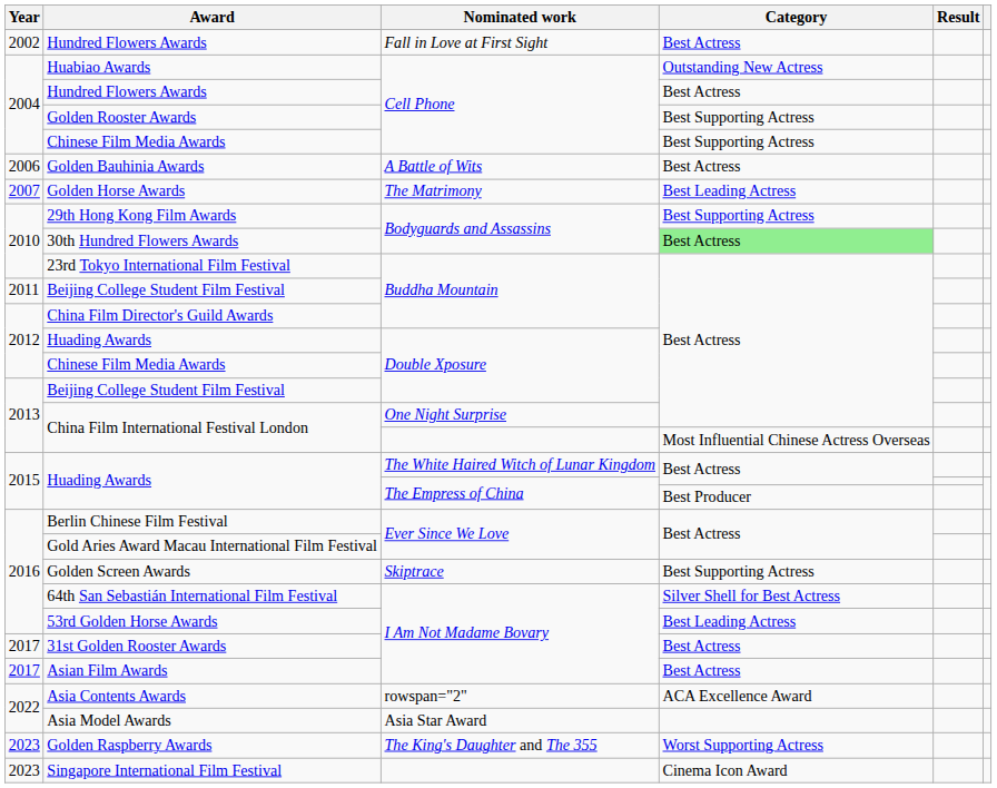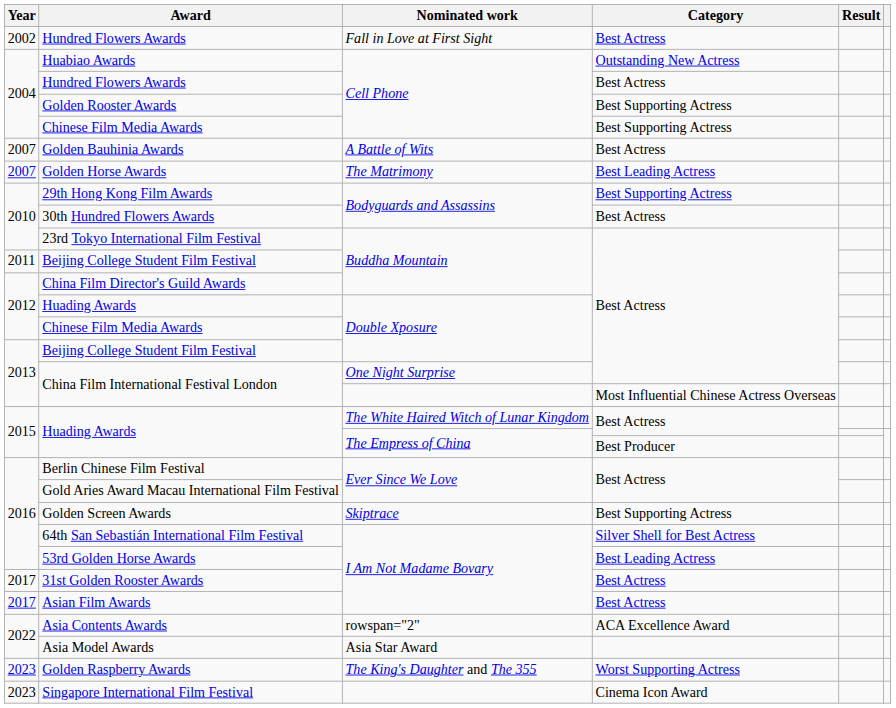 <table class="wikitable sortable">
 <tr>
 <th>Year</th>
 <th>Award</th>
 <th>Nominated work</th>
 <th>Category</th>
 <th>Result</th>
 <th class="unsortable"></th>
 </tr>
 <tr>
 <td>2002</td>
 <td><a href='#'>Hundred Flowers Awards</a></td>
 <td><em>Fall in Love at First Sight</em></td>
 <td><a href='#'>Best Actress</a></td>
 <td></td>
 <td></td>
 </tr>
 <tr>
 <td rowspan=4>2004</td>
 <td><a href='#'>Huabiao Awards</a></td>
 <td rowspan=4><em><a href='#'>Cell Phone</a></em></td>
 <td><a href='#'>Outstanding New Actress</a></td>
 <td></td>
 <td></td>
 </tr>
 <tr>
 <td><a href='#'>Hundred Flowers Awards</a></td>
 <td>Best Actress</td>
 <td></td>
 <td></td>
 </tr>
 <tr>
 <td><a href='#'>Golden Rooster Awards</a></td>
 <td>Best Supporting Actress</td>
 <td></td>
 <td></td>
 </tr>
 <tr>
 <td><a href='#'>Chinese Film Media Awards</a></td>
 <td>Best Supporting Actress</td>
 <td></td>
 <td></td>
 </tr>
 <tr>
-<td>2006</td>
+<td>2007</td>
 <td><a href='#'>Golden Bauhinia Awards</a></td>
 <td><em><a href='#'>A Battle of Wits</a></em></td>
 <td>Best Actress</td>
 <td></td>
 <td></td>
 </tr>
 <tr>
 <td><a href='#'>2007</a></td>
 <td><a href='#'>Golden Horse Awards</a></td>
 <td><em><a href='#'>The Matrimony</a></em></td>
 <td><a href='#'>Best Leading Actress</a></td>
 <td></td>
 <td></td>
 </tr>
 <tr>
 <td rowspan="3">2010</td>
 <td><a href='#'>29th Hong Kong Film Awards</a></td>
 <td rowspan=2><em><a href='#'>Bodyguards and Assassins</a></em></td>
 <td><a href='#'>Best Supporting Actress</a></td>
 <td></td>
 <td></td>
 </tr>
 <tr>
 <td>30th <a href='#'>Hundred Flowers Awards</a></td>
-<td style="background: lightgreen;">Best Actress</td>
+<td>Best Actress</td>
 <td></td>
 <td></td>
 </tr>
 <tr>
 <td>23rd <a href='#'>Tokyo International Film Festival</a></td>
 <td rowspan=3><em><a href='#'>Buddha Mountain</a></em></td>
 <td rowspan=7>Best Actress</td>
 <td></td>
 <td><br></td>
 </tr>
 <tr>
 <td>2011</td>
 <td><a href='#'>Beijing College Student Film Festival</a></td>
 <td></td>
 <td></td>
 </tr>
 <tr>
 <td rowspan=3>2012</td>
 <td><a href='#'>China Film Director's Guild Awards</a></td>
 <td></td>
 <td></td>
 </tr>
 <tr>
 <td><a href='#'>Huading Awards</a></td>
 <td rowspan=3><em><a href='#'>Double Xposure</a></em></td>
 <td></td>
 <td></td>
 </tr>
 <tr>
 <td><a href='#'>Chinese Film Media Awards</a></td>
 <td></td>
 <td></td>
 </tr>
 <tr>
 <td rowspan=3>2013</td>
 <td><a href='#'>Beijing College Student Film Festival</a></td>
 <td></td>
 <td></td>
 </tr>
 <tr>
 <td rowspan=2>China Film International Festival London</td>
 <td rowspan=1><em><a href='#'>One Night Surprise</a></em></td>
 <td></td>
 <td></td>
 </tr>
 <tr>
 <td></td>
 <td>Most Influential Chinese Actress Overseas</td>
 <td></td>
 <td></td>
 </tr>
 <tr>
 <td rowspan=3>2015</td>
 <td rowspan="3"><a href='#'>Huading Awards</a></td>
 <td><em><a href='#'>The White Haired Witch of Lunar Kingdom</a></em></td>
 <td rowspan=2>Best Actress</td>
 <td></td>
 <td></td>
 </tr>
 <tr>
 <td rowspan=2><em><a href='#'>The Empress of China</a></em></td>
 <td></td>
 <td rowspan=2></td>
 </tr>
 <tr>
 <td>Best Producer</td>
 <td></td>
 </tr>
 <tr>
 <td rowspan=5>2016</td>
 <td>Berlin Chinese Film Festival</td>
 <td rowspan=2><em><a href='#'>Ever Since We Love</a></em></td>
 <td rowspan=2>Best Actress</td>
 <td></td>
 <td></td>
 </tr>
 <tr>
 <td>Gold Aries Award Macau International Film Festival</td>
 <td></td>
 <td></td>
 </tr>
 <tr>
 <td>Golden Screen Awards</td>
 <td><em><a href='#'>Skiptrace</a></em></td>
 <td>Best Supporting Actress</td>
 <td></td>
 <td></td>
 </tr>
 <tr>
 <td>64th <a href='#'>San Sebastián International Film Festival</a></td>
 <td rowspan=4><em><a href='#'>I Am Not Madame Bovary</a></em></td>
 <td><a href='#'>Silver Shell for Best Actress</a></td>
 <td></td>
 <td></td>
 </tr>
 <tr>
 <td><a href='#'>53rd Golden Horse Awards</a></td>
 <td><a href='#'>Best Leading Actress</a></td>
 <td></td>
 <td></td>
 </tr>
 <tr>
 <td>2017</td>
 <td><a href='#'>31st Golden Rooster Awards</a></td>
 <td><a href='#'>Best Actress</a></td>
 <td></td>
 <td></td>
 </tr>
 <tr>
 <td><a href='#'>2017</a></td>
 <td><a href='#'>Asian Film Awards</a></td>
 <td><a href='#'>Best Actress</a></td>
 <td></td>
 <td></td>
 </tr>
 <tr>
 <td rowspan="2">2022</td>
 <td><a href='#'>Asia Contents Awards</a></td>
 <td>rowspan="2"  </td>
 <td>ACA Excellence Award</td>
 <td></td>
 <td></td>
 </tr>
 <tr>
 <td>Asia Model Awards</td>
 <td>Asia Star Award</td>
 <td></td>
 <td></td>
 </tr>
 <tr>
 <td><a href='#'>2023</a></td>
 <td><a href='#'>Golden Raspberry Awards</a></td>
 <td><em><a href='#'>The King's Daughter</a></em> and <em><a href='#'>The 355</a></em></td>
 <td><a href='#'>Worst Supporting Actress</a></td>
 <td></td>
 <td></td>
 </tr>
 <tr>
 <td>2023</td>
 <td><a href='#'>Singapore International Film Festival</a></td>
 <td></td>
 <td>Cinema Icon Award</td>
 <td></td>
 <td></td>
 </tr>
 </table>
